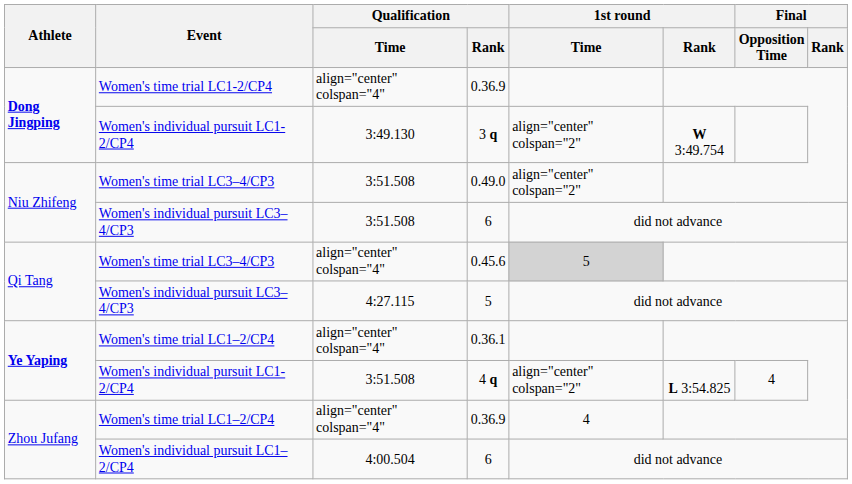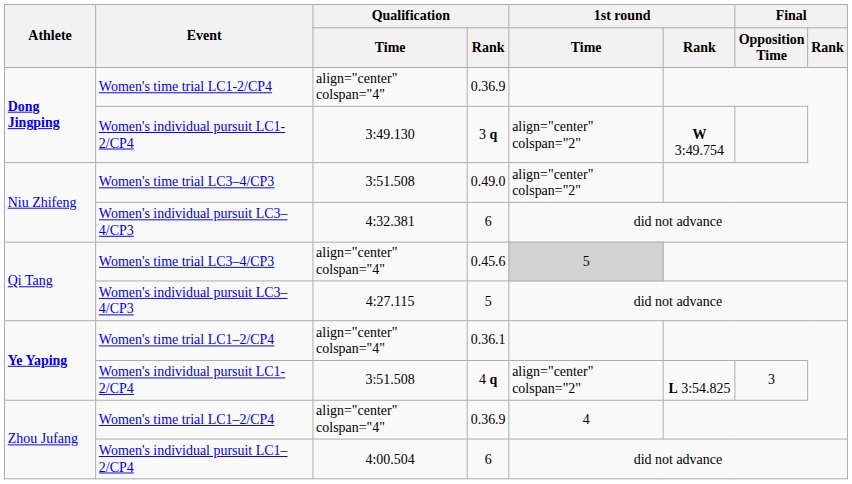 <table class=wikitable style="font-size:90%">
 <tr>
 <th rowspan="2">Athlete</th>
 <th rowspan="2">Event</th>
 <th colspan="2">Qualification</th>
 <th colspan="2">1st round</th>
 <th colspan="2">Final</th>
 </tr>
 <tr>
 <th>Time</th>
 <th>Rank</th>
 <th>Time</th>
 <th>Rank</th>
 <th>Opposition<br>Time</th>
 <th>Rank</th>
 </tr>
 <tr>
 <td rowspan="2"><strong><a href='#'>Dong Jingping</a></strong></td>
 <td><a href='#'>Women's time trial LC1-2/CP4</a></td>
 <td>align="center" colspan="4" </td>
 <td align="center">0.36.9</td>
 <td align="center"></td>
 </tr>
 <tr>
 <td><a href='#'>Women's individual pursuit LC1-2/CP4</a></td>
 <td align="center">3:49.130</td>
 <td align="center">3 <strong>q</strong></td>
 <td>align="center" colspan="2" </td>
 <td align="center"><br> <strong>W</strong> 3:49.754</td>
 <td align="center"></td>
 </tr>
 <tr>
 <td rowspan="2"><a href='#'>Niu Zhifeng</a></td>
 <td><a href='#'>Women's time trial LC3–4/CP3</a></td>
 <td align="center">3:51.508</td>
 <td align="center">0.49.0</td>
 <td>align="center" colspan="2" </td>
 </tr>
 <tr>
 <td><a href='#'>Women's individual pursuit LC3–4/CP3</a></td>
-<td align="center">3:51.508</td>
+<td align="center">4:32.381</td>
 <td align="center">6</td>
 <td align="center" colspan="4">did not advance</td>
 </tr>
 <tr>
 <td rowspan="2"><a href='#'>Qi Tang</a></td>
 <td><a href='#'>Women's time trial LC3–4/CP3</a></td>
 <td>align="center" colspan="4" </td>
 <td align="center">0.45.6</td>
 <td align="center" style="background: lightgrey;">5</td>
 </tr>
 <tr>
 <td><a href='#'>Women's individual pursuit LC3–4/CP3</a></td>
 <td align="center">4:27.115</td>
 <td align="center">5</td>
 <td align="center" colspan="4">did not advance</td>
 </tr>
 <tr>
 <td rowspan="2"><strong><a href='#'>Ye Yaping</a></strong></td>
 <td><a href='#'>Women's time trial LC1–2/CP4</a></td>
 <td>align="center" colspan="4" </td>
 <td align="center">0.36.1</td>
 <td align="center"></td>
 </tr>
 <tr>
 <td><a href='#'>Women's individual pursuit LC1-2/CP4</a></td>
 <td align="center">3:51.508</td>
 <td align="center">4 <strong>q</strong></td>
 <td>align="center" colspan="2" </td>
 <td align="center"><br> <strong>L</strong> 3:54.825</td>
-<td align="center">4</td>
+<td align="center">3</td>
 </tr>
 <tr>
 <td rowspan="2"><a href='#'>Zhou Jufang</a></td>
 <td><a href='#'>Women's time trial LC1–2/CP4</a></td>
 <td>align="center" colspan="4" </td>
 <td align="center">0.36.9</td>
 <td align="center">4</td>
 </tr>
 <tr>
 <td><a href='#'>Women's individual pursuit LC1–2/CP4</a></td>
 <td align="center">4:00.504</td>
 <td align="center">6</td>
 <td align="center" colspan="4">did not advance</td>
 </tr>
 </table>
